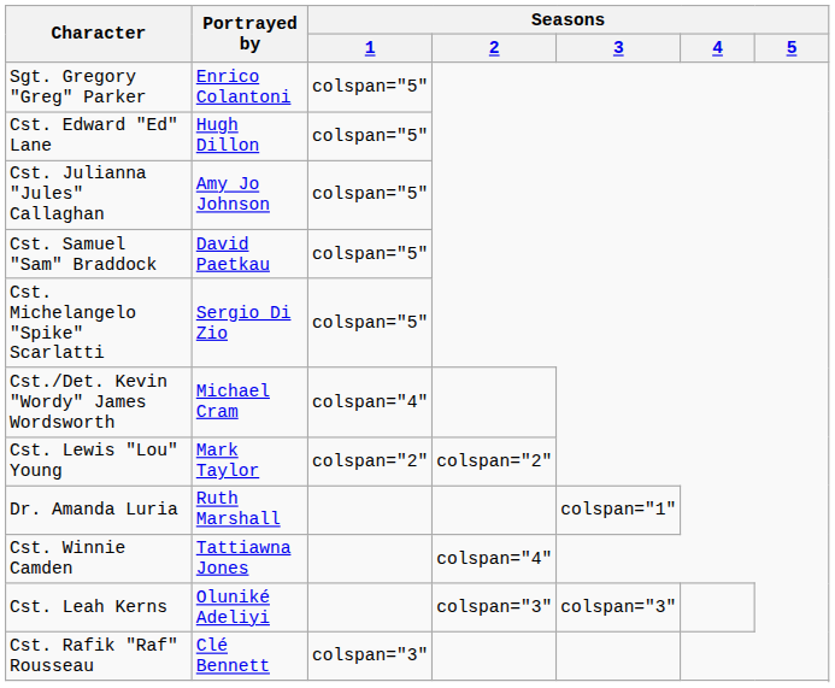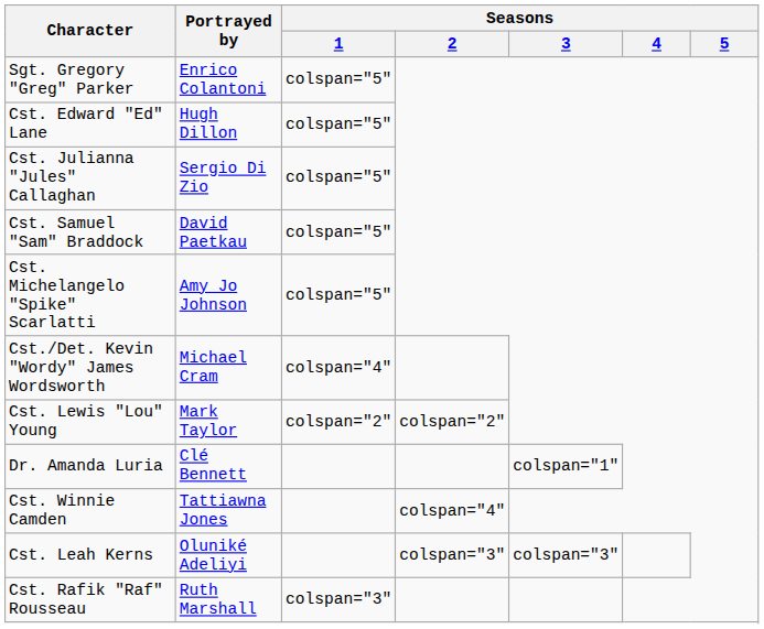 <table class="wikitable" width="auto">
 <tr>
 <th scope="col" rowspan="2">Character</th>
 <th scope="col" rowspan="2">Portrayed by</th>
 <th scope="col" colspan="5">Seasons</th>
 </tr>
 <tr>
 <th scope="col" style="width:9%;"><a href='#'>1</a></th>
 <th scope="col" style="width:9%;"><a href='#'>2</a></th>
 <th scope="col" style="width:9%;"><a href='#'>3</a></th>
 <th scope="col" style="width:9%;"><a href='#'>4</a></th>
 <th scope="col" style="width:9%;"><a href='#'>5</a></th>
 </tr>
 <tr>
 <td>Sgt. Gregory "Greg" Parker</td>
 <td><a href='#'>Enrico Colantoni</a></td>
 <td>colspan="5" </td>
 </tr>
 <tr>
 <td>Cst. Edward "Ed" Lane</td>
 <td><a href='#'>Hugh Dillon</a></td>
 <td>colspan="5" </td>
 </tr>
 <tr>
 <td>Cst. Julianna "Jules" Callaghan</td>
-<td><a href='#'>Amy Jo Johnson</a></td>
+<td><a href='#'>Sergio Di Zio</a></td>
 <td>colspan="5" </td>
 </tr>
 <tr>
 <td>Cst. Samuel "Sam" Braddock</td>
 <td><a href='#'>David Paetkau</a></td>
 <td>colspan="5" </td>
 </tr>
 <tr>
 <td>Cst. Michelangelo "Spike" Scarlatti</td>
-<td><a href='#'>Sergio Di Zio</a></td>
+<td><a href='#'>Amy Jo Johnson</a></td>
 <td>colspan="5" </td>
 </tr>
 <tr>
 <td>Cst./Det. Kevin "Wordy" James Wordsworth</td>
 <td><a href='#'>Michael Cram</a></td>
 <td>colspan="4" </td>
 <td></td>
 </tr>
 <tr>
 <td>Cst. Lewis "Lou" Young</td>
 <td><a href='#'>Mark Taylor</a></td>
 <td>colspan="2" </td>
 <td>colspan="2" </td>
 </tr>
 <tr>
 <td>Dr. Amanda Luria</td>
-<td><a href='#'>Ruth Marshall</a></td>
+<td><a href='#'>Clé Bennett</a></td>
 <td></td>
 <td></td>
 <td>colspan="1" </td>
 </tr>
 <tr>
 <td>Cst. Winnie Camden</td>
 <td><a href='#'>Tattiawna Jones</a></td>
 <td></td>
 <td>colspan="4" </td>
 </tr>
 <tr>
 <td>Cst. Leah Kerns</td>
 <td><a href='#'>Oluniké Adeliyi</a></td>
 <td></td>
 <td>colspan="3" </td>
 <td>colspan="3" </td>
 <td></td>
 </tr>
 <tr>
 <td>Cst. Rafik "Raf" Rousseau</td>
-<td><a href='#'>Clé Bennett</a></td>
+<td><a href='#'>Ruth Marshall</a></td>
 <td>colspan="3" </td>
 <td></td>
 <td></td>
 </tr>
 <tr>
 </tr>
 </table>
